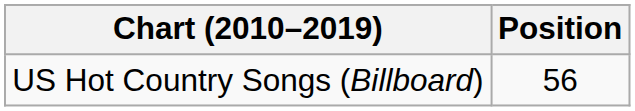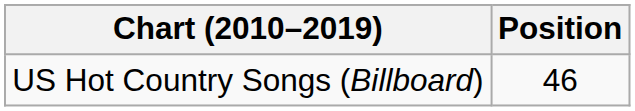 <table class="wikitable">
 <tr>
 <th>Chart (2010–2019)</th>
 <th>Position</th>
 </tr>
 <tr>
 <td>US Hot Country Songs (<em>Billboard</em>)</td>
-<td style="text-align:center;">56</td>
+<td style="text-align:center;">46</td>
 </tr>
 </table>
